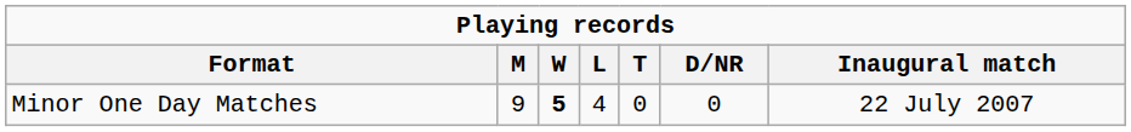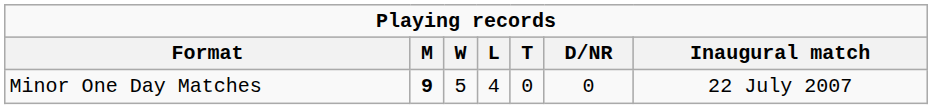 <table class="wikitable" style="text-align: center; width: 600px">
 <tr>
 <td colspan="8" align="center"><strong>Playing records</strong></td>
 </tr>
 <tr>
 <th>Format</th>
 <th>M</th>
 <th>W</th>
 <th>L</th>
 <th>T</th>
 <th>D/NR</th>
 <th>Inaugural match</th>
 </tr>
 <tr>
 <td align="left">Minor One Day Matches</td>
-<td>9</td>
-<td><strong>5</strong></td>
+<td><strong>9</strong></td>
+<td>5</td>
 <td>4</td>
 <td>0</td>
 <td>0</td>
 <td>22 July 2007</td>
 </tr>
 </table>
